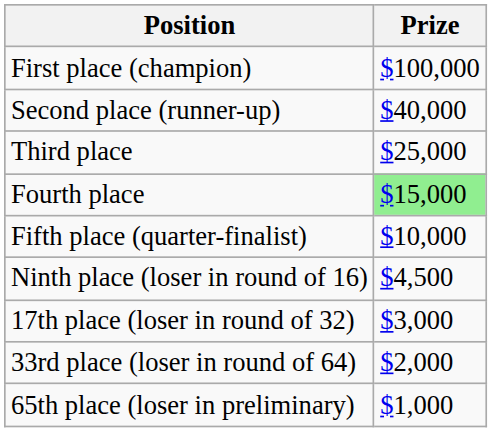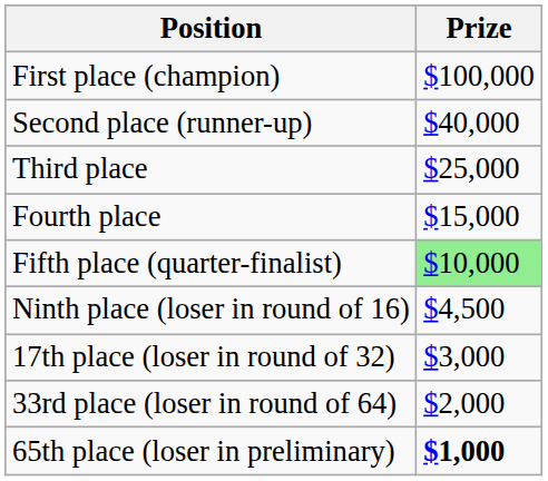 <table class="wikitable">
 <tr>
 <th>Position</th>
 <th>Prize</th>
 </tr>
 <tr>
 <td>First place (champion)</td>
 <td><a href='#'>$</a>100,000</td>
 </tr>
 <tr>
 <td>Second place (runner-up)</td>
 <td><a href='#'>$</a>40,000</td>
 </tr>
 <tr>
 <td>Third place</td>
 <td><a href='#'>$</a>25,000</td>
 </tr>
 <tr>
 <td>Fourth place</td>
-<td style="background: lightgreen;"><a href='#'>$</a>15,000</td>
+<td><a href='#'>$</a>15,000</td>
 </tr>
 <tr>
 <td>Fifth place (quarter-finalist)</td>
-<td><a href='#'>$</a>10,000</td>
+<td style="background: lightgreen;"><a href='#'>$</a>10,000</td>
 </tr>
 <tr>
 <td>Ninth place (loser in round of 16)</td>
 <td><a href='#'>$</a>4,500</td>
 </tr>
 <tr>
 <td>17th place (loser in round of 32)</td>
 <td><a href='#'>$</a>3,000</td>
 </tr>
 <tr>
 <td>33rd place (loser in round of 64)</td>
 <td><a href='#'>$</a>2,000</td>
 </tr>
 <tr>
 <td>65th place (loser in preliminary)</td>
-<td><a href='#'>$</a>1,000</td>
+<td><strong><a href='#'>$</a>1,000</strong></td>
 </tr>
 </table>
